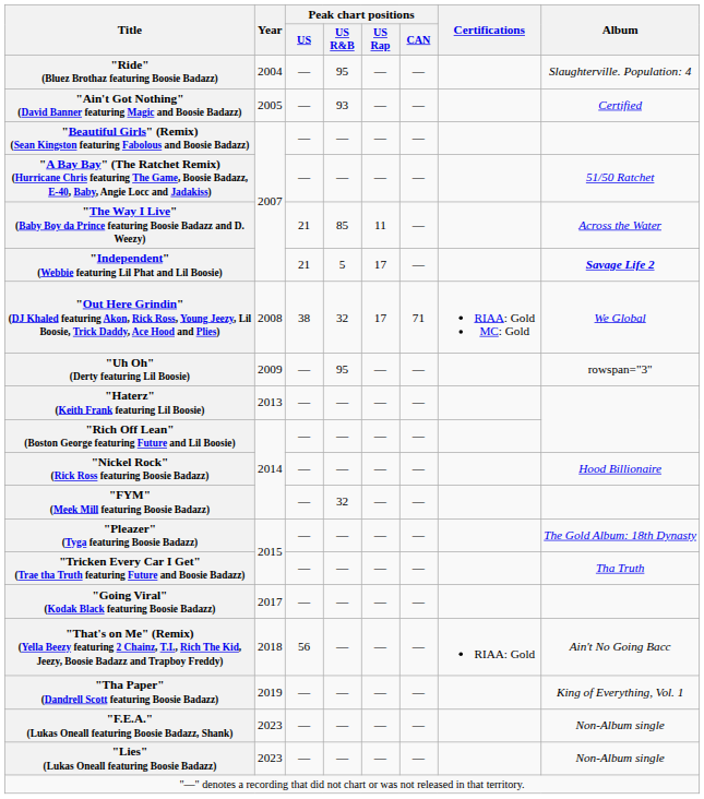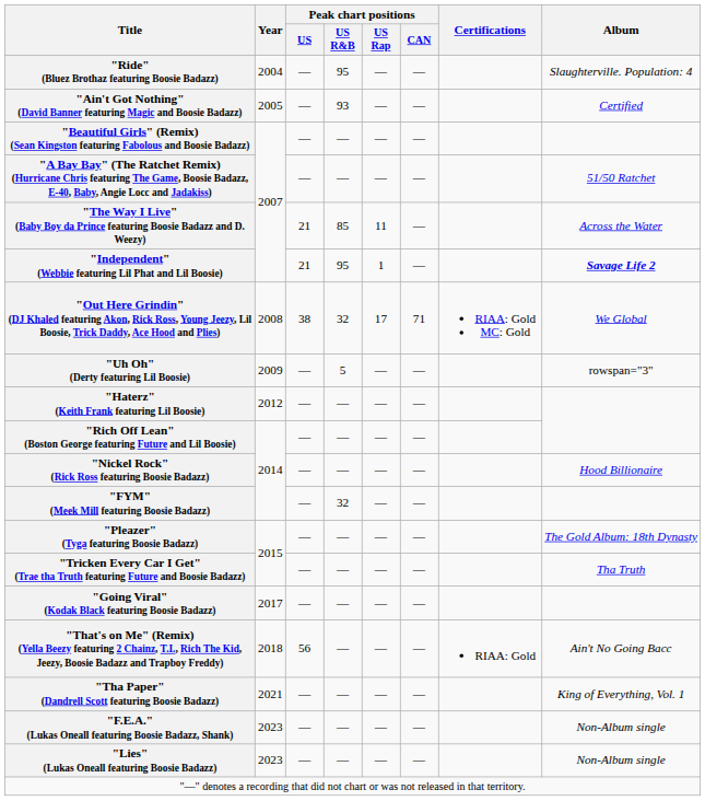 <table class="wikitable plainrowheaders" style="text-align:center;">
 <tr>
 <th rowspan="2" style="width:20em;">Title</th>
 <th rowspan="2">Year</th>
 <th colspan="4">Peak chart positions</th>
 <th rowspan="2" style="width:8em;"><a href='#'>Certifications</a></th>
 <th rowspan="2">Album</th>
 </tr>
 <tr>
 <th scope="col" style="width:3em;font-size:90%;"><a href='#'>US</a><br></th>
 <th scope="col" style="width:3em;font-size:90%;"><a href='#'>US<br>R&B</a><br></th>
 <th scope="col" style="width:3em;font-size:90%;"><a href='#'>US<br>Rap</a><br></th>
 <th scope="col" style="width:3em;font-size:90%;"><a href='#'>CAN</a><br></th>
 </tr>
 <tr>
 <th scope="row">"Ride"<br><small>(Bluez Brothaz featuring Boosie Badazz)</small></th>
 <td>2004</td>
 <td>—</td>
 <td>95</td>
 <td>—</td>
 <td>—</td>
 <td></td>
 <td><em>Slaughterville. Population: 4</em></td>
 </tr>
 <tr>
 <th scope="row">"Ain't Got Nothing"<br><small>(<a href='#'>David Banner</a> featuring <a href='#'>Magic</a> and Boosie Badazz)</small></th>
 <td>2005</td>
 <td>—</td>
 <td>93</td>
 <td>—</td>
 <td>—</td>
 <td></td>
 <td><em><a href='#'>Certified</a></em></td>
 </tr>
 <tr>
 <th scope="row">"<a href='#'>Beautiful Girls</a>" (Remix)<br><small>(<a href='#'>Sean Kingston</a> featuring <a href='#'>Fabolous</a> and Boosie Badazz)</small></th>
 <td rowspan="4">2007</td>
 <td>—</td>
 <td>—</td>
 <td>—</td>
 <td>—</td>
 <td></td>
 <td></td>
 </tr>
 <tr>
 <th scope="row">"<a href='#'>A Bay Bay</a>" (The Ratchet Remix)<br><small>(<a href='#'>Hurricane Chris</a> featuring <a href='#'>The Game</a>, Boosie Badazz, <a href='#'>E-40</a>, <a href='#'>Baby</a>, Angie Locc and <a href='#'>Jadakiss</a>)</small></th>
 <td>—</td>
 <td>—</td>
 <td>—</td>
 <td>—</td>
 <td></td>
 <td><em><a href='#'>51/50 Ratchet</a></em></td>
 </tr>
 <tr>
 <th scope="row">"<a href='#'>The Way I Live</a>"<br><small>(<a href='#'>Baby Boy da Prince</a> featuring Boosie Badazz and D. Weezy)</small></th>
 <td>21</td>
 <td>85</td>
 <td>11</td>
 <td>—</td>
 <td></td>
 <td><em><a href='#'>Across the Water</a></em></td>
 </tr>
 <tr>
 <th scope="row">"<a href='#'>Independent</a>"<br><small>(<a href='#'>Webbie</a> featuring Lil Phat and Lil Boosie)</small></th>
 <td>21</td>
-<td>5</td>
-<td>17</td>
+<td>95</td>
+<td>1</td>
 <td>—</td>
 <td></td>
 <td><strong><em><a href='#'>Savage Life 2</a></em></strong></td>
 </tr>
 <tr>
 <th scope="row">"<a href='#'>Out Here Grindin</a>"<br><small>(<a href='#'>DJ Khaled</a> featuring <a href='#'>Akon</a>, <a href='#'>Rick Ross</a>, <a href='#'>Young Jeezy</a>, Lil Boosie, <a href='#'>Trick Daddy</a>, <a href='#'>Ace Hood</a> and <a href='#'>Plies</a>)</small></th>
 <td rowspan="1">2008</td>
 <td>38</td>
 <td>32</td>
 <td>17</td>
 <td>71</td>
 <td><br><ul><li><a href='#'>RIAA</a>: Gold</li><li><a href='#'>MC</a>: Gold</li></ul></td>
 <td><em><a href='#'>We Global</a></em></td>
 </tr>
 <tr>
 <th scope="row">"Uh Oh"<br><small>(Derty featuring Lil Boosie)</small></th>
 <td>2009</td>
 <td>—</td>
-<td>95</td>
+<td>5</td>
 <td>—</td>
 <td>—</td>
 <td></td>
 <td>rowspan="3" </td>
 </tr>
 <tr>
 <th scope="row">"Haterz"<br><small>(<a href='#'>Keith Frank</a> featuring Lil Boosie)</small></th>
-<td>2013</td>
+<td>2012</td>
 <td>—</td>
 <td>—</td>
 <td>—</td>
 <td>—</td>
 <td></td>
 </tr>
 <tr>
 <th scope="row">"Rich Off Lean"<br><small>(Boston George featuring <a href='#'>Future</a> and Lil Boosie)</small></th>
 <td rowspan="3">2014</td>
 <td>—</td>
 <td>—</td>
 <td>—</td>
 <td>—</td>
 <td></td>
 </tr>
 <tr>
 <th scope="row">"Nickel Rock"<br><small>(<a href='#'>Rick Ross</a> featuring Boosie Badazz)</small></th>
 <td>—</td>
 <td>—</td>
 <td>—</td>
 <td>—</td>
 <td></td>
 <td><em><a href='#'>Hood Billionaire</a></em></td>
 </tr>
 <tr>
 <th scope="row">"FYM"<br><small>(<a href='#'>Meek Mill</a> featuring Boosie Badazz)</small></th>
 <td>—</td>
 <td>32</td>
 <td>—</td>
 <td>—</td>
 <td></td>
 <td></td>
 </tr>
 <tr>
 <th scope="row">"Pleazer"<br><small>(<a href='#'>Tyga</a> featuring Boosie Badazz)</small></th>
 <td rowspan="2">2015</td>
 <td>—</td>
 <td>—</td>
 <td>—</td>
 <td>—</td>
 <td></td>
 <td><em><a href='#'>The Gold Album: 18th Dynasty</a></em></td>
 </tr>
 <tr>
 <th scope="row">"Tricken Every Car I Get"<br><small>(<a href='#'>Trae tha Truth</a> featuring <a href='#'>Future</a> and Boosie Badazz)</small></th>
 <td>—</td>
 <td>—</td>
 <td>—</td>
 <td>—</td>
 <td></td>
 <td><em><a href='#'>Tha Truth</a></em></td>
 </tr>
 <tr>
 <th scope="row">"Going Viral"<br><small>(<a href='#'>Kodak Black</a> featuring Boosie Badazz)</small></th>
 <td>2017</td>
 <td>—</td>
 <td>—</td>
 <td>—</td>
 <td>—</td>
 <td></td>
 <td></td>
 </tr>
 <tr>
 <th scope="row">"That's on Me" (Remix)<br><small>(<a href='#'>Yella Beezy</a> featuring <a href='#'>2 Chainz</a>, <a href='#'>T.I.</a>, <a href='#'>Rich The Kid</a>, Jeezy, Boosie Badazz and Trapboy Freddy)</small></th>
 <td>2018</td>
 <td>56</td>
 <td>—</td>
 <td>—</td>
 <td>—</td>
 <td><br><ul><li>RIAA: Gold</li></ul></td>
 <td><em>Ain't No Going Bacc</em></td>
 </tr>
 <tr>
 <th scope="row">"Tha Paper"<br><small>(<a href='#'>Dandrell Scott</a> featuring Boosie Badazz)</small></th>
-<td>2019</td>
+<td>2021</td>
 <td>—</td>
 <td>—</td>
 <td>—</td>
 <td>—</td>
 <td></td>
 <td><em>King of Everything, Vol. 1</em></td>
 </tr>
 <tr>
 <th scope="row">"F.E.A."<br><small>(Lukas Oneall featuring Boosie Badazz, Shank)</small></th>
 <td>2023</td>
 <td>—</td>
 <td>—</td>
 <td>—</td>
 <td>—</td>
 <td></td>
 <td><em>Non-Album single</em></td>
 </tr>
 <tr>
 <th scope="row">"Lies"<br><small>(Lukas Oneall featuring Boosie Badazz)</small></th>
 <td>2023</td>
 <td>—</td>
 <td>—</td>
 <td>—</td>
 <td>—</td>
 <td></td>
 <td><em>Non-Album single</em></td>
 </tr>
 <tr>
 <td colspan="15" style="font-size:90%">"—" denotes a recording that did not chart or was not released in that territory.</td>
 </tr>
 </table>
